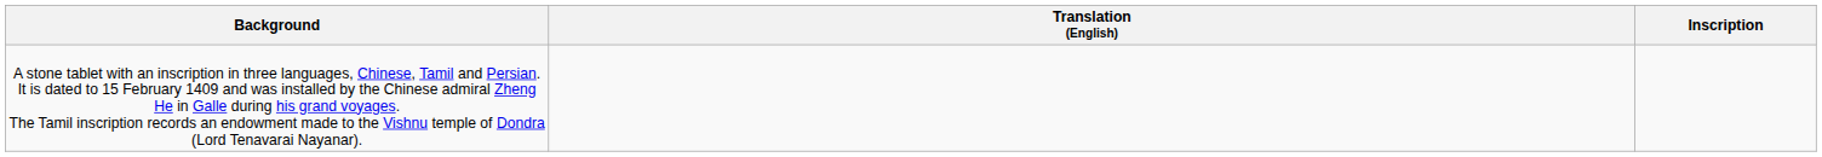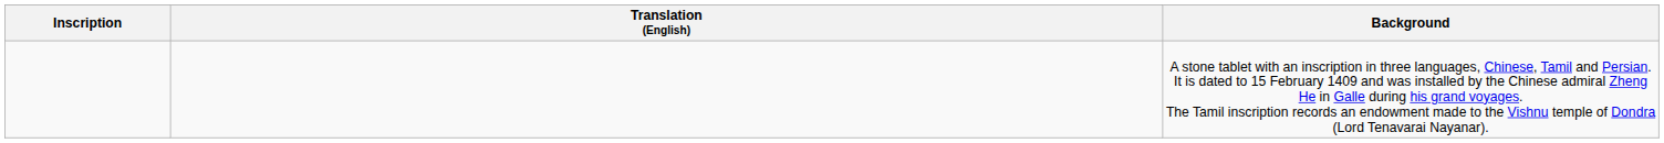 <table class="wikitable centre">
 <tr>
+<th>Inscription<br></th>
+<th>Translation<br><small>(English)</small></th>
 <th scope="col" align=left>Background<br></th>
-<th>Translation<br><small>(English)</small></th>
-<th>Inscription<br></th>
 </tr>
 <tr>
+<td align=center width="10%"><br></td>
+<td align=left><br></td>
 <td align=center width="30%"><br>A stone tablet with an inscription in three languages, <a href='#'>Chinese</a>, <a href='#'>Tamil</a> and <a href='#'>Persian</a>.<br>It is dated to 15 February 1409 and was installed by the Chinese admiral <a href='#'>Zheng He</a> in <a href='#'>Galle</a> during <a href='#'>his grand voyages</a>.<br>The Tamil inscription records an endowment made to the <a href='#'>Vishnu</a> temple of <a href='#'>Dondra</a> (Lord Tenavarai Nayanar).</td>
-<td align=left><br></td>
-<td align=center width="10%"><br></td>
 </tr>
 </table>
